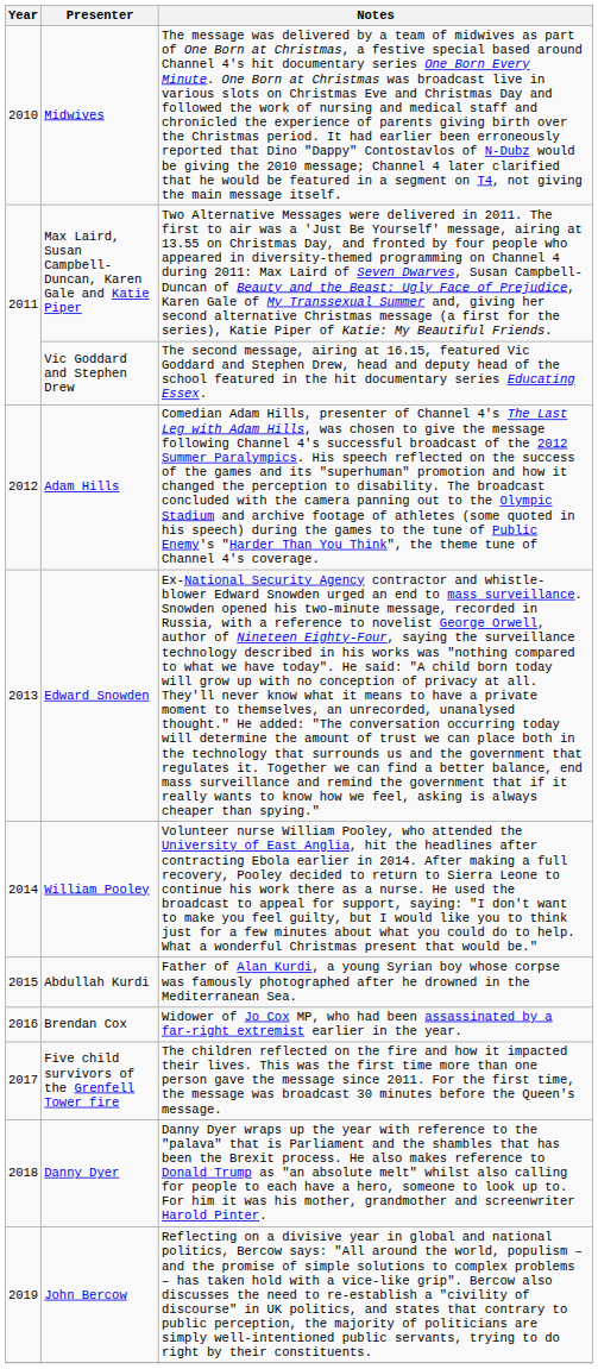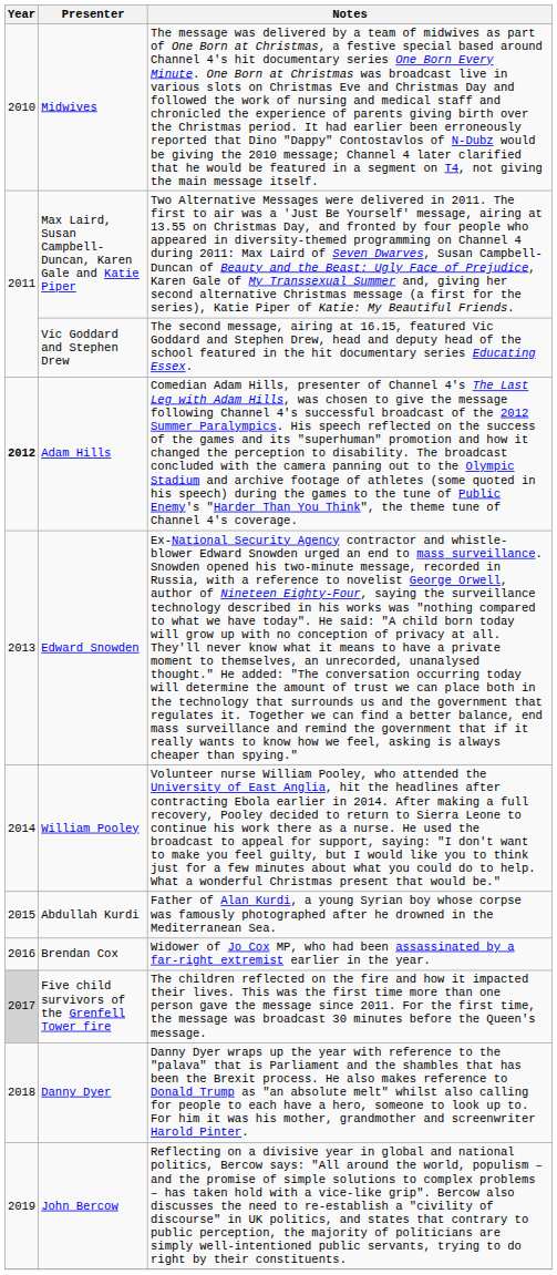 <table class="wikitable">
 <tr>
 <th>Year</th>
 <th>Presenter</th>
 <th>Notes</th>
 </tr>
 <tr>
 <td>2010</td>
 <td style="width: 20%"><a href='#'>Midwives</a></td>
 <td>The message was delivered by a team of midwives as part of <em>One Born at Christmas</em>, a festive special based around Channel 4's hit documentary series <em><a href='#'>One Born Every Minute</a></em>. <em>One Born at Christmas</em> was broadcast live in various slots on Christmas Eve and Christmas Day and followed the work of nursing and medical staff and chronicled the experience of parents giving birth over the Christmas period. It had earlier been erroneously reported that Dino "Dappy" Contostavlos of <a href='#'>N-Dubz</a> would be giving the 2010 message; Channel 4 later clarified that he would be featured in a segment on <a href='#'>T4</a>, not giving the main message itself.</td>
 </tr>
 <tr>
 <td rowspan="2">2011</td>
 <td>Max Laird, Susan Campbell-Duncan, Karen Gale and <a href='#'>Katie Piper</a></td>
 <td>Two Alternative Messages were delivered in 2011. The first to air was a 'Just Be Yourself' message, airing at 13.55 on Christmas Day, and fronted by four people who appeared in diversity-themed programming on Channel 4 during 2011: Max Laird of <em><a href='#'>Seven Dwarves</a></em>, Susan Campbell-Duncan of <em><a href='#'>Beauty and the Beast: Ugly Face of Prejudice</a></em>, Karen Gale of <em><a href='#'>My Transsexual Summer</a></em> and, giving her second alternative Christmas message (a first for the series), Katie Piper of <em>Katie: My Beautiful Friends</em>.</td>
 </tr>
 <tr>
 <td>Vic Goddard and Stephen Drew</td>
 <td>The second message, airing at 16.15, featured Vic Goddard and Stephen Drew, head and deputy head of the school featured in the hit documentary series <em><a href='#'>Educating Essex</a></em>.</td>
 </tr>
 <tr>
-<td>2012</td>
+<td><strong>2012</strong></td>
 <td> <a href='#'>Adam Hills</a></td>
 <td>Comedian Adam Hills, presenter of Channel 4's <em><a href='#'>The Last Leg with Adam Hills</a></em>, was chosen to give the message following Channel 4's successful broadcast of the <a href='#'>2012 Summer Paralympics</a>. His speech reflected on the success of the games and its "superhuman" promotion and how it changed the perception to disability. The broadcast concluded with the camera panning out to the <a href='#'>Olympic Stadium</a> and archive footage of athletes (some quoted in his speech) during the games to the tune of <a href='#'>Public Enemy</a>'s "<a href='#'>Harder Than You Think</a>", the theme tune of Channel 4's coverage.</td>
 </tr>
 <tr>
 <td>2013</td>
 <td> <a href='#'>Edward Snowden</a></td>
 <td>Ex-<a href='#'>National Security Agency</a> contractor and whistle-blower Edward Snowden urged an end to <a href='#'>mass surveillance</a>. Snowden opened his two-minute message, recorded in Russia, with a reference to novelist <a href='#'>George Orwell</a>, author of <em><a href='#'>Nineteen Eighty-Four</a></em>, saying the surveillance technology described in his works was "nothing compared to what we have today". He said: "A child born today will grow up with no conception of privacy at all. They'll never know what it means to have a private moment to themselves, an unrecorded, unanalysed thought." He added: "The conversation occurring today will determine the amount of trust we can place both in the technology that surrounds us and the government that regulates it. Together we can find a better balance, end mass surveillance and remind the government that if it really wants to know how we feel, asking is always cheaper than spying."</td>
 </tr>
 <tr>
 <td>2014</td>
 <td><a href='#'>William Pooley</a></td>
 <td>Volunteer nurse William Pooley, who attended the <a href='#'>University of East Anglia</a>, hit the headlines after contracting Ebola earlier in 2014. After making a full recovery, Pooley decided to return to Sierra Leone to continue his work there as a nurse. He used the broadcast to appeal for support, saying: "I don't want to make you feel guilty, but I would like you to think just for a few minutes about what you could do to help. What a wonderful Christmas present that would be."</td>
 </tr>
 <tr>
 <td>2015</td>
 <td> Abdullah Kurdi</td>
 <td>Father of <a href='#'>Alan Kurdi</a>, a young Syrian boy whose corpse was famously photographed after he drowned in the Mediterranean Sea.</td>
 </tr>
 <tr>
 <td>2016</td>
 <td>Brendan Cox</td>
 <td>Widower of <a href='#'>Jo Cox</a> MP, who had been <a href='#'>assassinated by a far-right extremist</a> earlier in the year.</td>
 </tr>
 <tr>
-<td>2017</td>
+<td style="background: lightgrey;">2017</td>
 <td>Five child survivors of the <a href='#'>Grenfell Tower fire</a></td>
 <td>The children reflected on the fire and how it impacted their lives. This was the first time more than one person gave the message since 2011. For the first time, the message was broadcast 30 minutes before the Queen's message.</td>
 </tr>
 <tr>
 <td>2018</td>
 <td><a href='#'>Danny Dyer</a></td>
 <td>Danny Dyer wraps up the year with reference to the "palava" that is Parliament and the shambles that has been the Brexit process. He also makes reference to <a href='#'>Donald Trump</a> as "an absolute melt" whilst also calling for people to each have a hero, someone to look up to. For him it was his mother, grandmother and screenwriter <a href='#'>Harold Pinter</a>.</td>
 </tr>
 <tr>
 <td>2019</td>
 <td><a href='#'>John Bercow</a></td>
 <td>Reflecting on a divisive year in global and national politics, Bercow says: "All around the world, populism – and the promise of simple solutions to complex problems – has taken hold with a vice-like grip". Bercow also discusses the need to re-establish a "civility of discourse" in UK politics, and states that contrary to public perception, the majority of politicians are simply well-intentioned public servants, trying to do right by their constituents.</td>
 </tr>
 <tr>
 </tr>
 </table>
